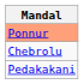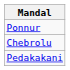 <table class="wikitable sortable static-row-numbers static-row-header-hash">
 <tr>
 <th>Mandal</th>
 </tr>
 <tr>
-<td style="background: lightsalmon;"><a href='#'>Ponnur</a></td>
+<td><a href='#'>Ponnur</a></td>
 </tr>
 <tr>
 <td><a href='#'>Chebrolu</a></td>
 </tr>
 <tr>
 <td><a href='#'>Pedakakani</a></td>
 </tr>
 </table>
